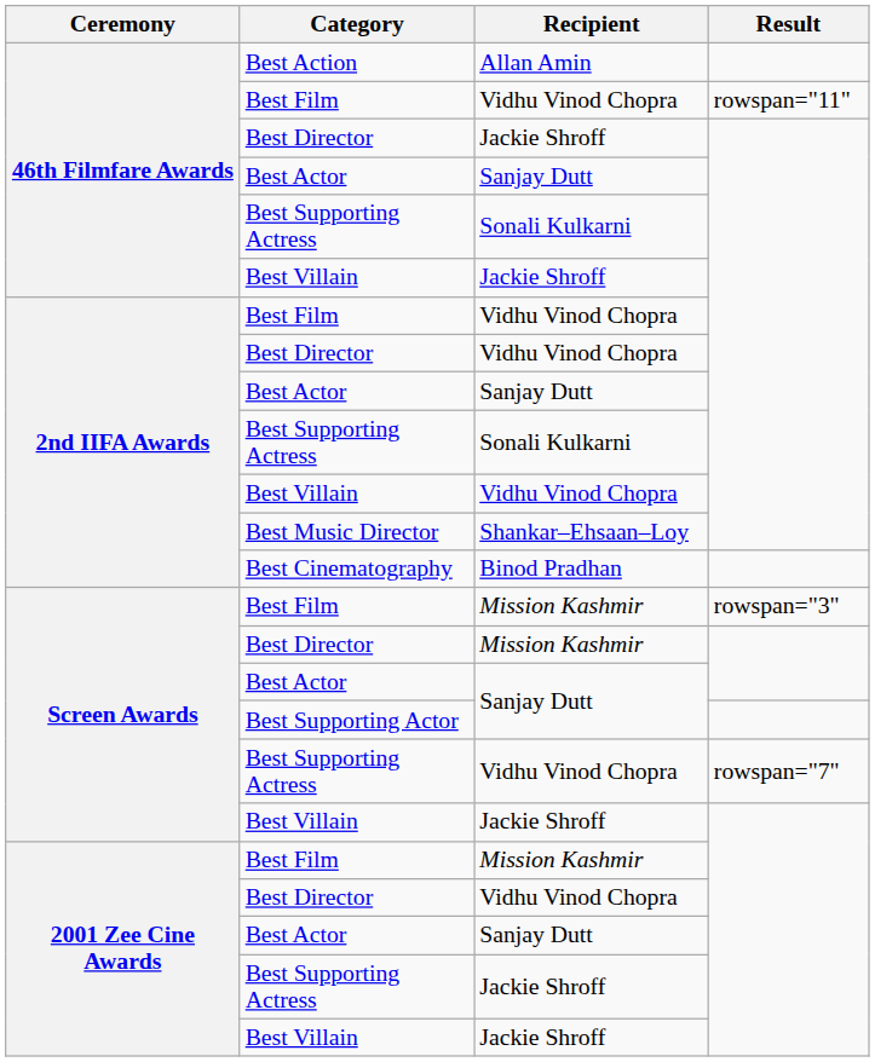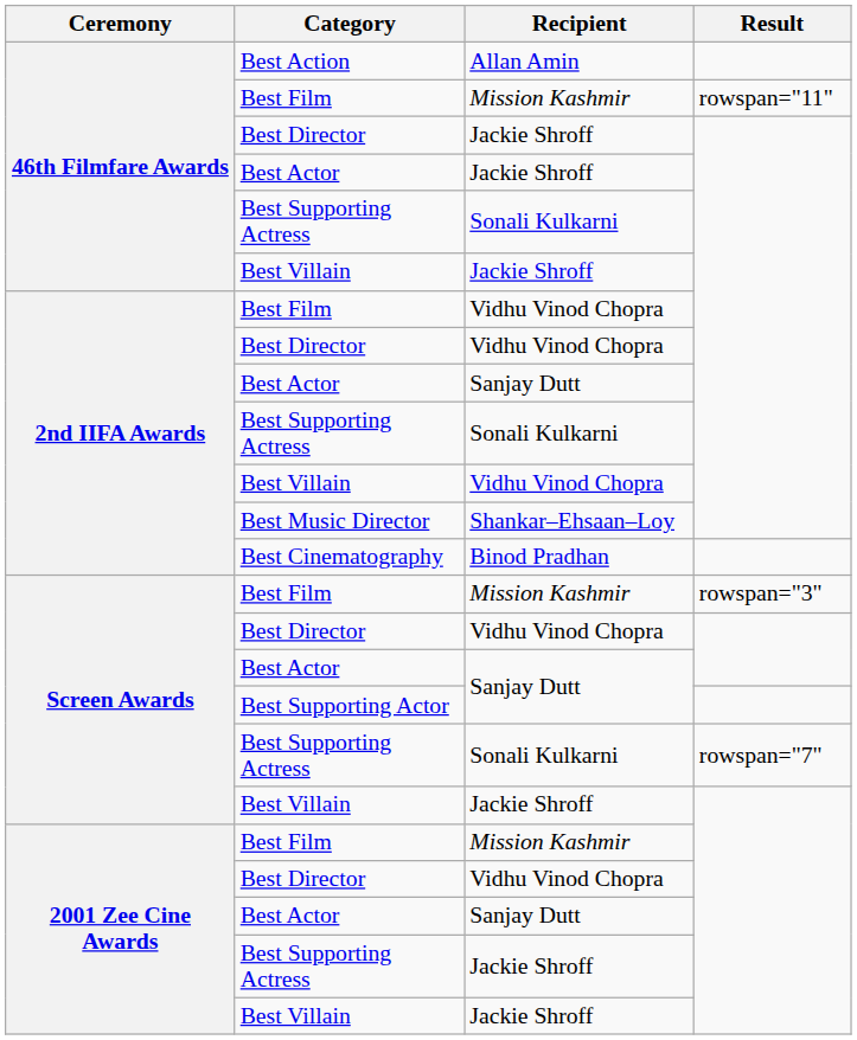 <table class="wikitable sortable">
 <tr>
 <th scope="col" width="150">Ceremony</th>
 <th scope="col" width="150">Category</th>
 <th scope="col" width="150">Recipient</th>
 <th scope="col" width="100">Result</th>
 </tr>
 <tr>
 <th rowspan="6"><a href='#'>46th Filmfare Awards</a></th>
 <td><a href='#'>Best Action</a></td>
 <td><a href='#'>Allan Amin</a></td>
 <td></td>
 </tr>
 <tr>
 <td><a href='#'>Best Film</a></td>
-<td>Vidhu Vinod Chopra</td>
+<td><em>Mission Kashmir</em></td>
 <td>rowspan="11" </td>
 </tr>
 <tr>
 <td><a href='#'>Best Director</a></td>
 <td>Jackie Shroff</td>
 </tr>
 <tr>
 <td><a href='#'>Best Actor</a></td>
-<td><a href='#'>Sanjay Dutt</a></td>
+<td>Jackie Shroff</td>
 </tr>
 <tr>
 <td><a href='#'>Best Supporting Actress</a></td>
 <td><a href='#'>Sonali Kulkarni</a></td>
 </tr>
 <tr>
 <td><a href='#'>Best Villain</a></td>
 <td><a href='#'>Jackie Shroff</a></td>
 </tr>
 <tr>
 <th rowspan="7"><a href='#'>2nd IIFA Awards</a></th>
 <td><a href='#'>Best Film</a></td>
 <td>Vidhu Vinod Chopra</td>
 </tr>
 <tr>
 <td><a href='#'>Best Director</a></td>
 <td>Vidhu Vinod Chopra</td>
 </tr>
 <tr>
 <td><a href='#'>Best Actor</a></td>
 <td>Sanjay Dutt</td>
 </tr>
 <tr>
 <td><a href='#'>Best Supporting Actress</a></td>
 <td>Sonali Kulkarni</td>
 </tr>
 <tr>
 <td><a href='#'>Best Villain</a></td>
 <td><a href='#'>Vidhu Vinod Chopra</a></td>
 </tr>
 <tr>
 <td><a href='#'>Best Music Director</a></td>
 <td><a href='#'>Shankar–Ehsaan–Loy</a></td>
 </tr>
 <tr>
 <td><a href='#'>Best Cinematography</a></td>
 <td><a href='#'>Binod Pradhan</a></td>
 <td></td>
 </tr>
 <tr>
 <th rowspan="6"><a href='#'>Screen Awards</a></th>
 <td><a href='#'>Best Film</a></td>
 <td><em>Mission Kashmir</em></td>
 <td>rowspan="3" </td>
 </tr>
 <tr>
 <td><a href='#'>Best Director</a></td>
-<td><em>Mission Kashmir</em></td>
+<td>Vidhu Vinod Chopra</td>
 </tr>
 <tr>
 <td><a href='#'>Best Actor</a></td>
 <td rowspan="2">Sanjay Dutt</td>
 </tr>
 <tr>
 <td><a href='#'>Best Supporting Actor</a></td>
 <td></td>
 </tr>
 <tr>
 <td><a href='#'>Best Supporting Actress</a></td>
-<td>Vidhu Vinod Chopra</td>
+<td>Sonali Kulkarni</td>
 <td>rowspan="7" </td>
 </tr>
 <tr>
 <td><a href='#'>Best Villain</a></td>
 <td>Jackie Shroff</td>
 </tr>
 <tr>
 <th rowspan="5"><a href='#'>2001 Zee Cine Awards</a></th>
 <td><a href='#'>Best Film</a></td>
 <td><em>Mission Kashmir</em></td>
 </tr>
 <tr>
 <td><a href='#'>Best Director</a></td>
 <td>Vidhu Vinod Chopra</td>
 </tr>
 <tr>
 <td><a href='#'>Best Actor</a></td>
 <td>Sanjay Dutt</td>
 </tr>
 <tr>
 <td><a href='#'>Best Supporting Actress</a></td>
 <td>Jackie Shroff</td>
 </tr>
 <tr>
 <td><a href='#'>Best Villain</a></td>
 <td>Jackie Shroff</td>
 </tr>
 </table>
